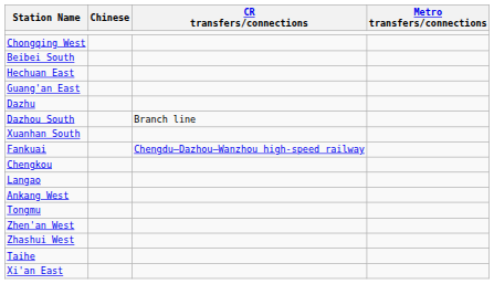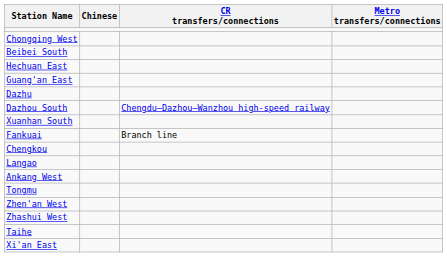 <table class="wikitable">
 <tr>
 <th>Station Name</th>
 <th>Chinese<br></th>
 <th><a href='#'>CR</a> <br>transfers/connections</th>
 <th><a href='#'>Metro</a><br>transfers/connections<br></th>
 </tr>
 <tr style="background:#">
 <td colspan = "11"></td>
 </tr>
 <tr>
 <td><a href='#'>Chongqing West</a></td>
 <td></td>
 <td></td>
 <td> </td>
 </tr>
 <tr>
 <td><a href='#'>Beibei South</a></td>
 <td></td>
 <td></td>
 <td></td>
 </tr>
 <tr>
 <td><a href='#'>Hechuan East</a></td>
 <td></td>
 <td></td>
 <td></td>
 </tr>
 <tr>
 <td><a href='#'>Guang'an East</a></td>
 <td></td>
 <td></td>
 <td></td>
 </tr>
 <tr>
 <td><a href='#'>Dazhu</a></td>
 <td></td>
 <td></td>
 <td></td>
 </tr>
 <tr>
 <td><a href='#'>Dazhou South</a></td>
 <td></td>
-<td>Branch line</td>
+<td><a href='#'>Chengdu–Dazhou–Wanzhou high-speed railway</a></td>
 <td></td>
 </tr>
 <tr>
 <td><a href='#'>Xuanhan South</a></td>
 <td></td>
 <td></td>
 <td></td>
 </tr>
 <tr>
 <td><a href='#'>Fankuai</a></td>
 <td></td>
-<td><a href='#'>Chengdu–Dazhou–Wanzhou high-speed railway</a></td>
+<td>Branch line</td>
 <td></td>
 </tr>
 <tr>
 <td><a href='#'>Chengkou</a></td>
 <td></td>
 <td></td>
 <td></td>
 </tr>
 <tr>
 <td><a href='#'>Langao</a></td>
 <td></td>
 <td></td>
 <td></td>
 </tr>
 <tr>
 <td><a href='#'>Ankang West</a></td>
 <td></td>
 <td></td>
 <td></td>
 </tr>
 <tr>
 <td><a href='#'>Tongmu</a></td>
 <td></td>
 <td></td>
 <td></td>
 </tr>
 <tr>
 <td><a href='#'>Zhen'an West</a></td>
 <td></td>
 <td></td>
 <td></td>
 </tr>
 <tr>
 <td><a href='#'>Zhashui West</a></td>
 <td></td>
 <td></td>
 <td></td>
 </tr>
 <tr>
 <td><a href='#'>Taihe</a></td>
 <td></td>
 <td></td>
 <td></td>
 </tr>
 <tr>
 <td><a href='#'>Xi'an East</a></td>
 <td></td>
 <td></td>
 <td></td>
 </tr>
 </table>
